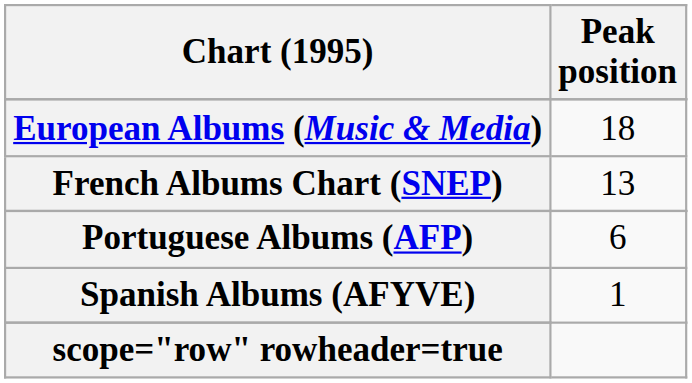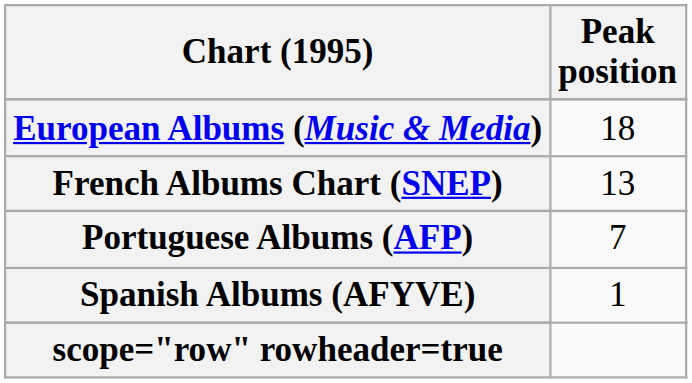 <table class="wikitable sortable plainrowheaders" style="text-align:center">
 <tr>
 <th scope="col">Chart (1995)</th>
 <th scope="col">Peak<br>position</th>
 </tr>
 <tr>
 </tr>
 <tr>
 </tr>
 <tr>
 </tr>
 <tr>
 </tr>
 <tr>
 <th scope="row"><a href='#'>European Albums</a> (<em><a href='#'>Music & Media</a></em>)</th>
 <td>18</td>
 </tr>
 <tr>
 <th scope="row">French Albums Chart (<a href='#'>SNEP</a>)</th>
 <td>13</td>
 </tr>
 <tr>
 </tr>
 <tr>
 <th scope="row">Portuguese Albums (<a href='#'>AFP</a>)</th>
-<td align="center">6</td>
+<td align="center">7</td>
 </tr>
 <tr>
 <th scope="row" align="left">Spanish Albums (AFYVE)</th>
 <td align="center">1</td>
 </tr>
 <tr>
 </tr>
 <tr>
 </tr>
 <tr>
 </tr>
 <tr>
 <th>scope="row" rowheader=true</th>
 </tr>
 </table>
